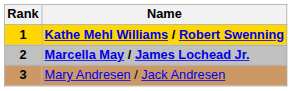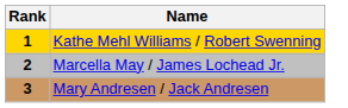 <table class="wikitable">
 <tr>
 <th>Rank</th>
 <th>Name</th>
 </tr>
 <tr bgcolor="gold">
 <td align="center"><strong>1</strong></td>
-<td><strong><a href='#'>Kathe Mehl Williams</a> / <a href='#'>Robert Swenning</a></strong></td>
+<td><a href='#'>Kathe Mehl Williams</a> / <a href='#'>Robert Swenning</a></td>
 </tr>
 <tr bgcolor="silver">
 <td align="center"><strong>2</strong></td>
-<td><strong><a href='#'>Marcella May</a> / <a href='#'>James Lochead Jr.</a></strong></td>
+<td><a href='#'>Marcella May</a> / <a href='#'>James Lochead Jr.</a></td>
 </tr>
 <tr bgcolor="cc9966">
 <td align="center"><strong>3</strong></td>
 <td><a href='#'>Mary Andresen</a> / <a href='#'>Jack Andresen</a></td>
 </tr>
 </table>
